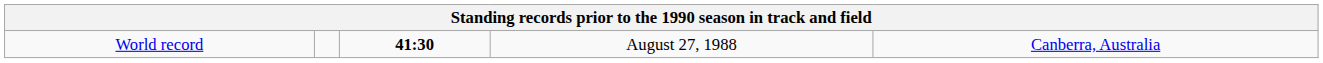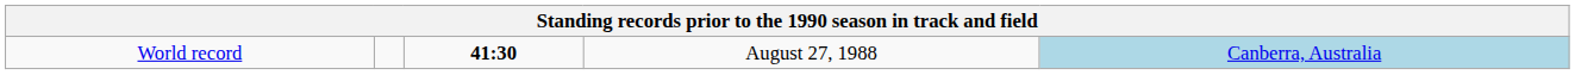 <table class="wikitable" style="text-align:center; width:100%">
 <tr>
 <th colspan="5">Standing records prior to the 1990 season in track and field</th>
 </tr>
 <tr>
 <td><a href='#'>World record</a></td>
 <td></td>
 <td><strong>41:30</strong></td>
 <td>August 27, 1988</td>
-<td> <a href='#'>Canberra, Australia</a></td>
+<td style="background: lightblue;"> <a href='#'>Canberra, Australia</a></td>
 </tr>
 </table>
